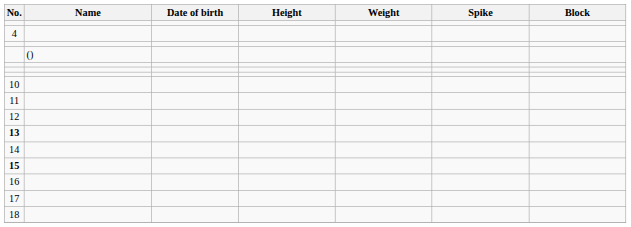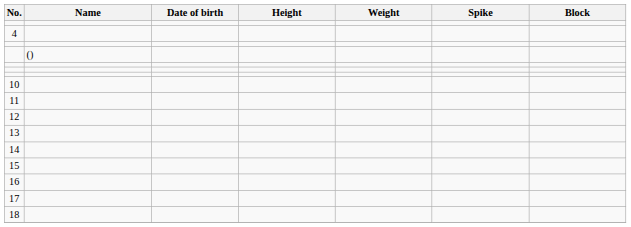 <table class="wikitable sortable" style="font-size:100%; text-align:center;">
 <tr>
 <th>No.</th>
 <th style="width:12em">Name</th>
 <th style="width:8em">Date of birth</th>
 <th style="width:9em">Height</th>
 <th style="width:9em">Weight</th>
 <th style="width:9em">Spike</th>
 <th style="width:9em">Block</th>
 </tr>
 <tr>
 <td></td>
 <td align=left> </td>
 <td align=right></td>
 <td></td>
 <td></td>
 <td></td>
 <td></td>
 </tr>
 <tr>
 <td>4</td>
 <td align=left> </td>
 <td align=right></td>
 <td></td>
 <td></td>
 <td></td>
 <td></td>
 </tr>
 <tr>
 <td></td>
 <td align=left> </td>
 <td align=right></td>
 <td></td>
 <td></td>
 <td></td>
 <td></td>
 </tr>
 <tr>
 <td></td>
 <td align=left>  ()</td>
 <td align=right></td>
 <td></td>
 <td></td>
 <td></td>
 <td></td>
 </tr>
 <tr>
 <td></td>
 <td align=left> </td>
 <td align=right></td>
 <td></td>
 <td></td>
 <td></td>
 <td></td>
 </tr>
 <tr>
 <td></td>
 <td align=left> </td>
 <td align=right></td>
 <td></td>
 <td></td>
 <td></td>
 <td></td>
 </tr>
 <tr>
 <td></td>
 <td align=left> </td>
 <td align=right></td>
 <td></td>
 <td></td>
 <td></td>
 <td></td>
 </tr>
 <tr>
 <td>10</td>
 <td align=left> </td>
 <td align=right></td>
 <td></td>
 <td></td>
 <td></td>
 <td></td>
 </tr>
 <tr>
 <td>11</td>
 <td align=left> </td>
 <td align=right></td>
 <td></td>
 <td></td>
 <td></td>
 <td></td>
 </tr>
 <tr>
 <td>12</td>
 <td align=left> </td>
 <td align=right></td>
 <td></td>
 <td></td>
 <td></td>
 <td></td>
 </tr>
 <tr>
-<td><strong>13</strong></td>
+<td>13</td>
 <td align=left> </td>
 <td align=right></td>
 <td></td>
 <td></td>
 <td></td>
 <td></td>
 </tr>
 <tr>
 <td>14</td>
 <td align=left> </td>
 <td align=right></td>
 <td></td>
 <td></td>
 <td></td>
 <td></td>
 </tr>
 <tr>
-<td><strong>15</strong></td>
+<td>15</td>
 <td align=left> </td>
 <td align=right></td>
 <td></td>
 <td></td>
 <td></td>
 <td></td>
 </tr>
 <tr>
 <td>16</td>
 <td align=left> </td>
 <td align=right></td>
 <td></td>
 <td></td>
 <td></td>
 <td></td>
 </tr>
 <tr>
 <td>17</td>
 <td align=left> </td>
 <td align=right></td>
 <td></td>
 <td></td>
 <td></td>
 <td></td>
 </tr>
 <tr>
 <td>18</td>
 <td align=left> </td>
 <td align=right></td>
 <td></td>
 <td></td>
 <td></td>
 <td></td>
 </tr>
 <tr>
 </tr>
 </table>
